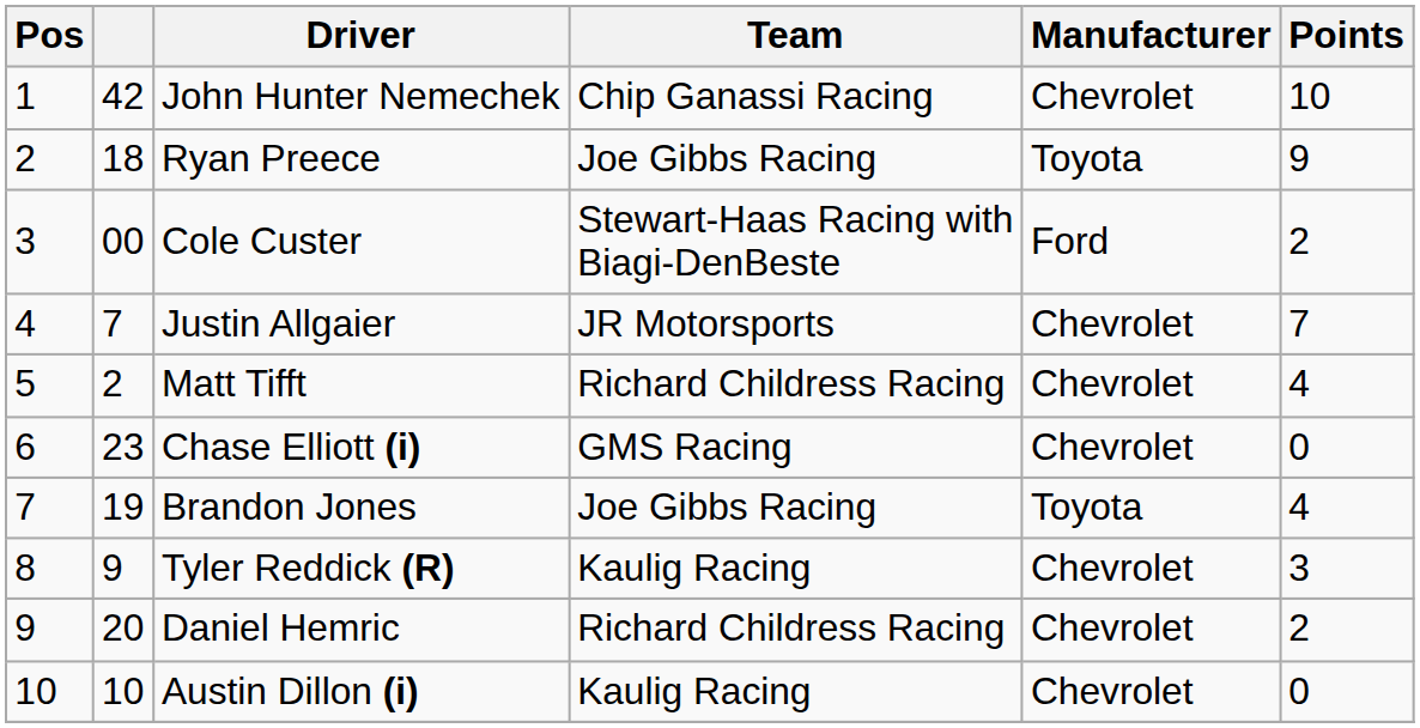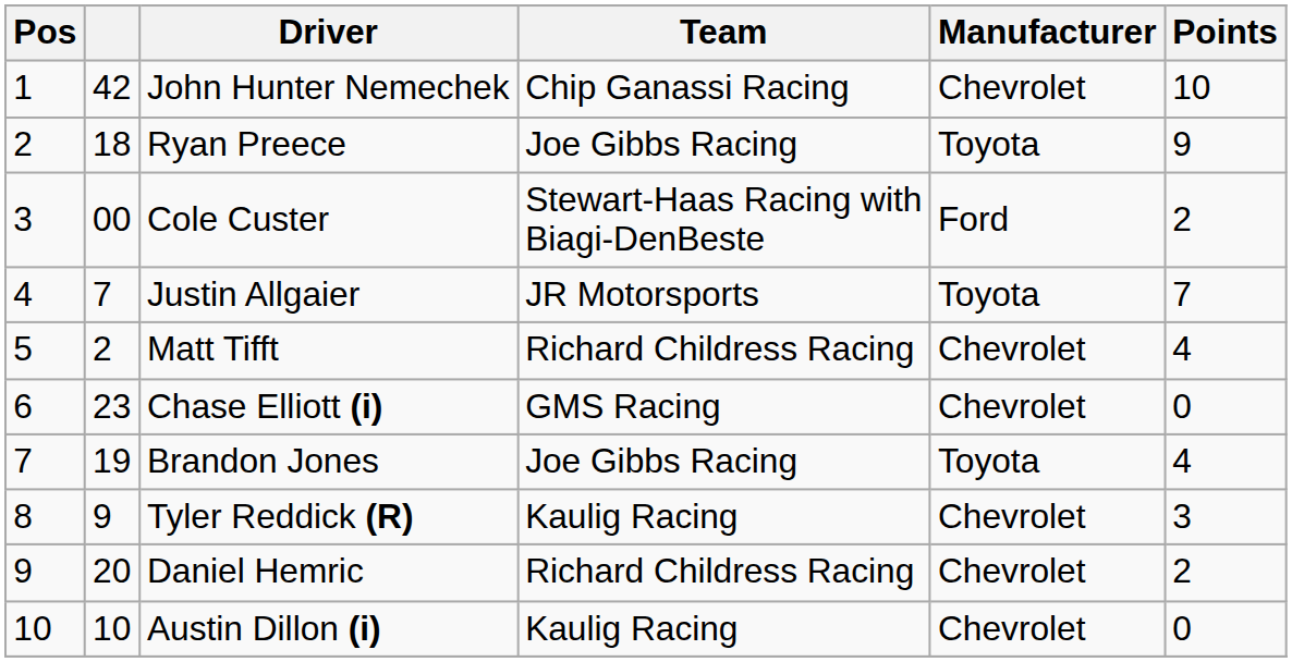 <table class="wikitable" style="font-size:98%">
 <tr>
 <th>Pos</th>
 <th></th>
 <th>Driver</th>
 <th>Team</th>
 <th>Manufacturer</th>
 <th>Points</th>
 </tr>
 <tr>
 <td>1</td>
 <td>42</td>
 <td>John Hunter Nemechek</td>
 <td>Chip Ganassi Racing</td>
 <td>Chevrolet</td>
 <td>10</td>
 </tr>
 <tr>
 <td>2</td>
 <td>18</td>
 <td>Ryan Preece</td>
 <td>Joe Gibbs Racing</td>
 <td>Toyota</td>
 <td>9</td>
 </tr>
 <tr>
 <td>3</td>
 <td>00</td>
 <td>Cole Custer</td>
 <td>Stewart-Haas Racing with <br> Biagi-DenBeste</td>
 <td>Ford</td>
 <td>2</td>
 </tr>
 <tr>
 <td>4</td>
 <td>7</td>
 <td>Justin Allgaier</td>
 <td>JR Motorsports</td>
-<td>Chevrolet</td>
+<td>Toyota</td>
 <td>7</td>
 </tr>
 <tr>
 <td>5</td>
 <td>2</td>
 <td>Matt Tifft</td>
 <td>Richard Childress Racing</td>
 <td>Chevrolet</td>
 <td>4</td>
 </tr>
 <tr>
 <td>6</td>
 <td>23</td>
 <td>Chase Elliott <strong>(i)</strong></td>
 <td>GMS Racing</td>
 <td>Chevrolet</td>
 <td>0</td>
 </tr>
 <tr>
 <td>7</td>
 <td>19</td>
 <td>Brandon Jones</td>
 <td>Joe Gibbs Racing</td>
 <td>Toyota</td>
 <td>4</td>
 </tr>
 <tr>
 <td>8</td>
 <td>9</td>
 <td>Tyler Reddick <strong>(R)</strong></td>
 <td>Kaulig Racing</td>
 <td>Chevrolet</td>
 <td>3</td>
 </tr>
 <tr>
 <td>9</td>
 <td>20</td>
 <td>Daniel Hemric</td>
 <td>Richard Childress Racing</td>
 <td>Chevrolet</td>
 <td>2</td>
 </tr>
 <tr>
 <td>10</td>
 <td>10</td>
 <td>Austin Dillon <strong>(i)</strong></td>
 <td>Kaulig Racing</td>
 <td>Chevrolet</td>
 <td>0</td>
 </tr>
 <tr>
 </tr>
 </table>
